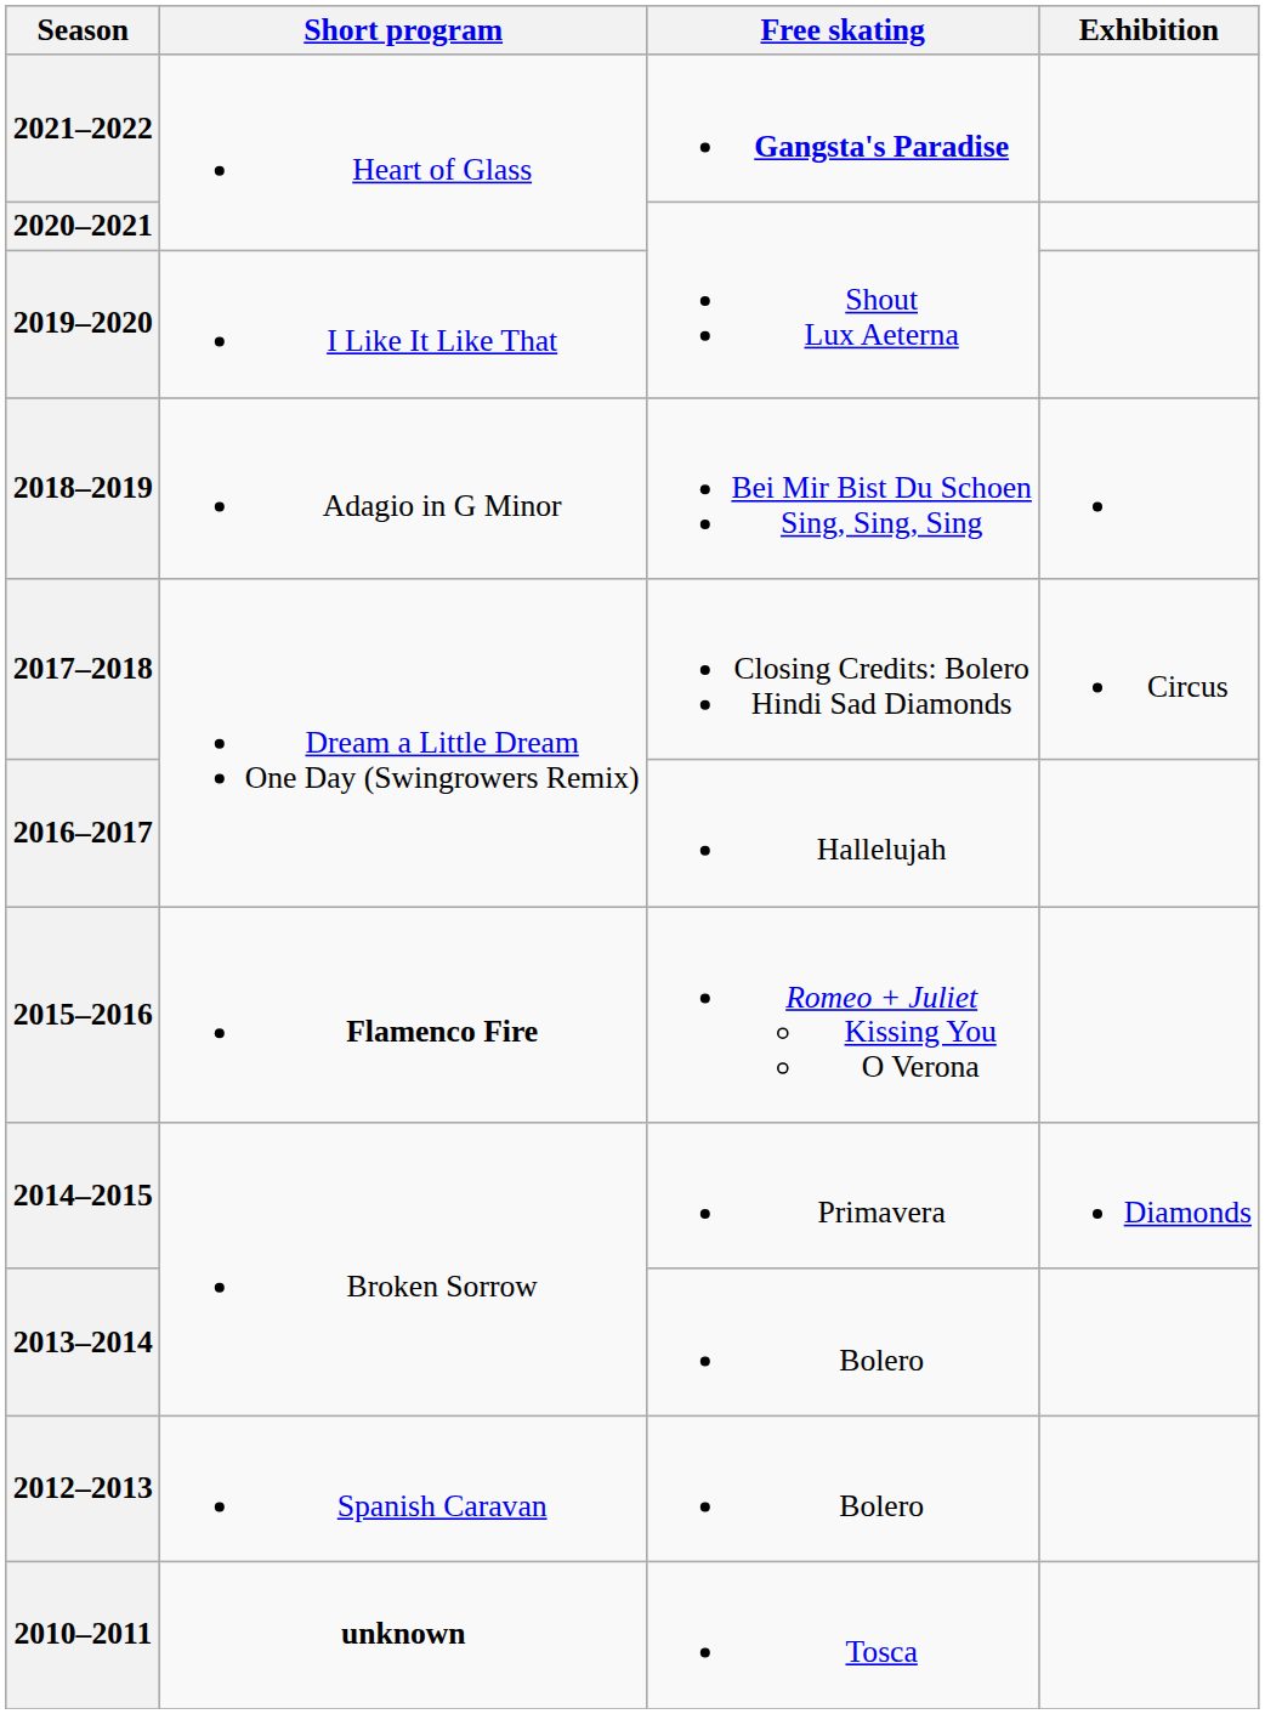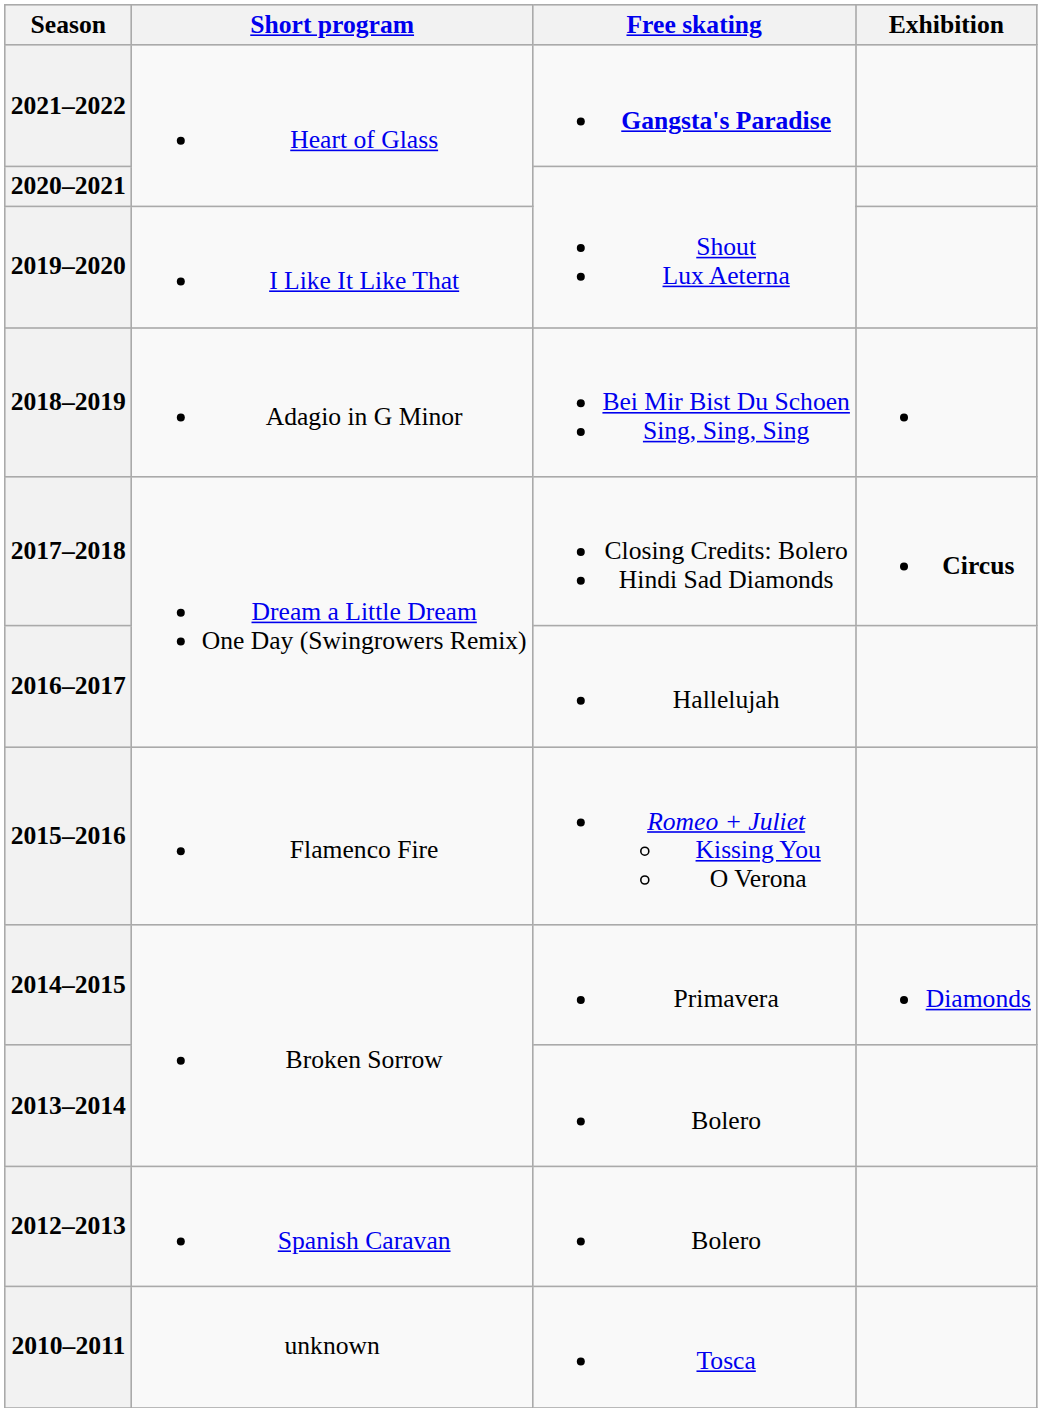 <table class=wikitable style=text-align:center>
 <tr>
 <th>Season</th>
 <th><a href='#'>Short program</a></th>
 <th><a href='#'>Free skating</a></th>
 <th>Exhibition</th>
 </tr>
 <tr>
 <th>2021–2022 <br> </th>
 <td rowspan=2><br><ul><li><a href='#'>Heart of Glass</a> <br> </li></ul></td>
 <td><strong><br><ul><li><a href='#'>Gangsta's Paradise</a></li></ul></strong></td>
 <td></td>
 </tr>
 <tr>
 <th>2020–2021 <br> </th>
 <td rowspan=2><br><ul><li><a href='#'>Shout</a> <br> </li><li><a href='#'>Lux Aeterna</a> <br> </li></ul></td>
 <td></td>
 </tr>
 <tr>
 <th>2019–2020 <br> </th>
 <td><br><ul><li><a href='#'>I Like It Like That</a> <br> </li></ul></td>
 <td></td>
 </tr>
 <tr>
 <th>2018–2019 <br> </th>
 <td><br><ul><li>Adagio in G Minor <br></li></ul></td>
 <td><br><ul><li><a href='#'>Bei Mir Bist Du Schoen</a> <br></li><li><a href='#'>Sing, Sing, Sing</a> <br></li></ul></td>
 <td><br><ul><li></li></ul></td>
 </tr>
 <tr>
 <th>2017–2018 <br> </th>
 <td rowspan=2><br><ul><li><a href='#'>Dream a Little Dream</a> <br></li><li>One Day (Swingrowers Remix) <br></li></ul></td>
 <td><br><ul><li>Closing Credits: Bolero</li><li>Hindi Sad Diamonds <br></li></ul></td>
-<td><br><ul><li>Circus <br></li></ul></td>
+<td><strong><br><ul><li>Circus <br></li></ul></strong></td>
 </tr>
 <tr>
 <th>2016–2017 <br> </th>
 <td><br><ul><li>Hallelujah</li></ul></td>
 <td></td>
 </tr>
 <tr>
 <th>2015–2016 <br> </th>
-<td><strong><br><ul><li>Flamenco Fire <br></li></ul></strong></td>
+<td><br><ul><li>Flamenco Fire <br></li></ul></td>
 <td><br><ul><li><em><a href='#'>Romeo + Juliet</a></em><ul><li><a href='#'>Kissing You</a> <br></li><li>O Verona <br></li></ul></li></ul></td>
 <td></td>
 </tr>
 <tr>
 <th>2014–2015 <br> </th>
 <td rowspan=2><br><ul><li>Broken Sorrow <br></li></ul></td>
 <td><br><ul><li>Primavera <br></li></ul></td>
 <td><br><ul><li><a href='#'>Diamonds</a> <br></li></ul></td>
 </tr>
 <tr>
 <th>2013–2014 <br> </th>
 <td><br><ul><li>Bolero <br></li></ul></td>
 <td></td>
 </tr>
 <tr>
 <th>2012–2013</th>
 <td><br><ul><li><a href='#'>Spanish Caravan</a> <br></li></ul></td>
 <td><br><ul><li>Bolero <br></li></ul></td>
 <td></td>
 </tr>
 <tr>
 <th>2010–2011</th>
-<td align="center"><strong>unknown</strong></td>
+<td align="center">unknown</td>
 <td><br><ul><li><a href='#'>Tosca</a> <br></li></ul></td>
 <td></td>
 </tr>
 </table>
